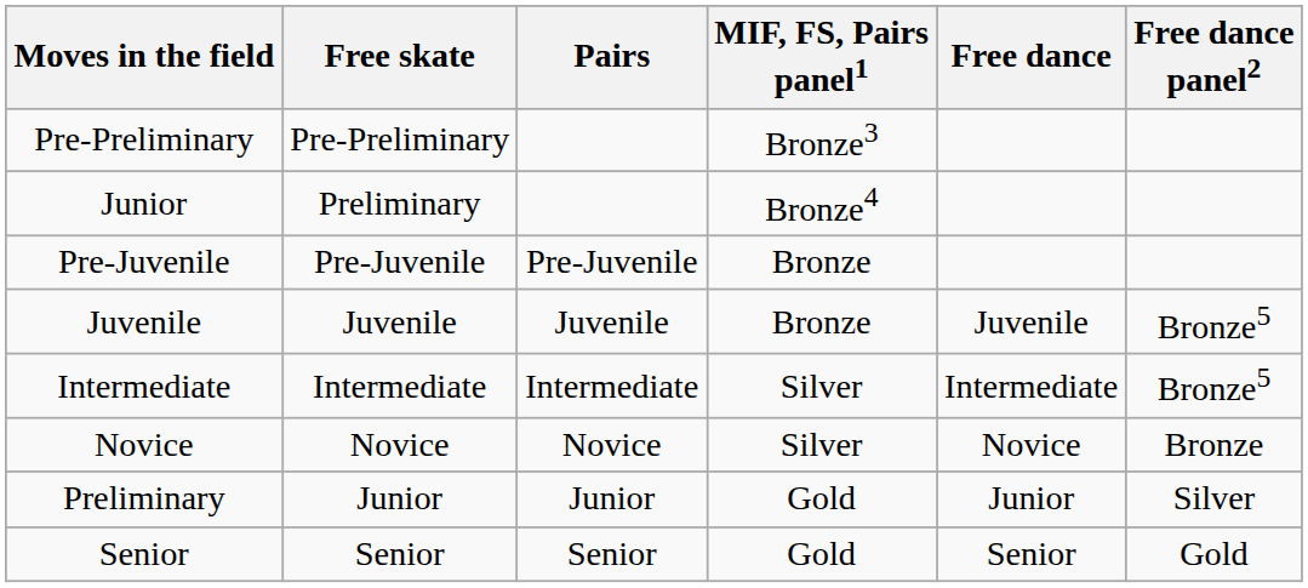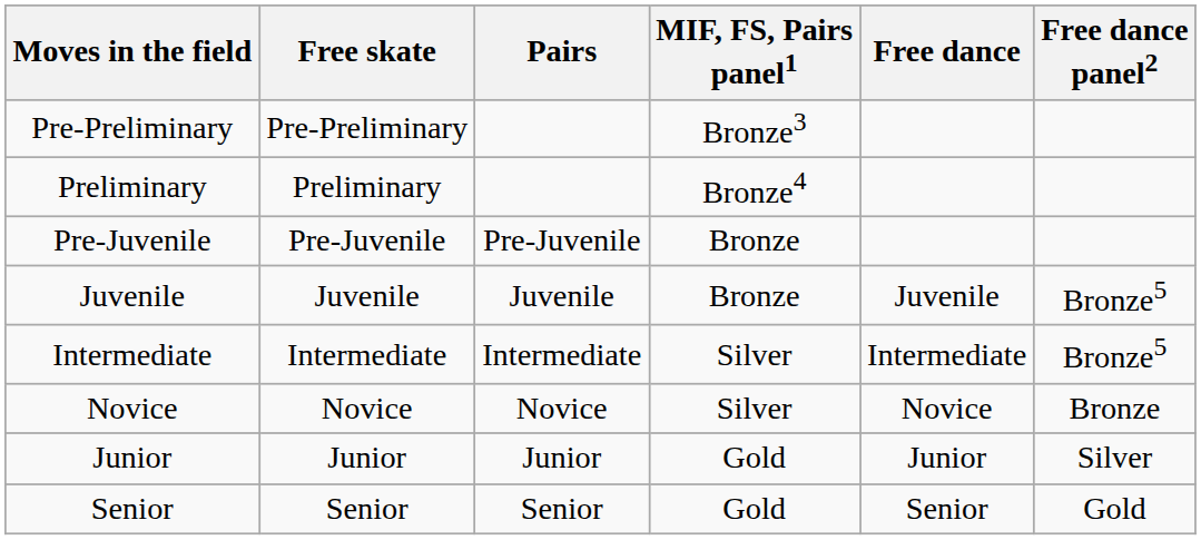 <table class="wikitable" style="text-align: center;">
 <tr style="background:#EFEFEF">
 <th>Moves in the field</th>
 <th>Free skate</th>
 <th>Pairs</th>
 <th>MIF, FS, Pairs<br>panel<sup>1</sup></th>
 <th>Free dance</th>
 <th>Free dance<br>panel<sup>2</sup></th>
 </tr>
 <tr>
 <td>Pre-Preliminary</td>
 <td>Pre-Preliminary</td>
 <td></td>
 <td>Bronze<sup>3</sup></td>
 <td></td>
 <td></td>
 </tr>
 <tr>
-<td>Junior</td>
+<td>Preliminary</td>
 <td>Preliminary</td>
 <td></td>
 <td>Bronze<sup>4</sup></td>
 <td></td>
 <td></td>
 </tr>
 <tr>
 <td>Pre-Juvenile</td>
 <td>Pre-Juvenile</td>
 <td>Pre-Juvenile</td>
 <td>Bronze</td>
 <td></td>
 <td></td>
 </tr>
 <tr>
 <td>Juvenile</td>
 <td>Juvenile</td>
 <td>Juvenile</td>
 <td>Bronze</td>
 <td>Juvenile</td>
 <td>Bronze<sup>5</sup></td>
 </tr>
 <tr>
 <td>Intermediate</td>
 <td>Intermediate</td>
 <td>Intermediate</td>
 <td>Silver</td>
 <td>Intermediate</td>
 <td>Bronze<sup>5</sup></td>
 </tr>
 <tr>
 <td>Novice</td>
 <td>Novice</td>
 <td>Novice</td>
 <td>Silver</td>
 <td>Novice</td>
 <td>Bronze</td>
 </tr>
 <tr>
-<td>Preliminary</td>
+<td>Junior</td>
 <td>Junior</td>
 <td>Junior</td>
 <td>Gold</td>
 <td>Junior</td>
 <td>Silver</td>
 </tr>
 <tr>
 <td>Senior</td>
 <td>Senior</td>
 <td>Senior</td>
 <td>Gold</td>
 <td>Senior</td>
 <td>Gold</td>
 </tr>
 </table>
